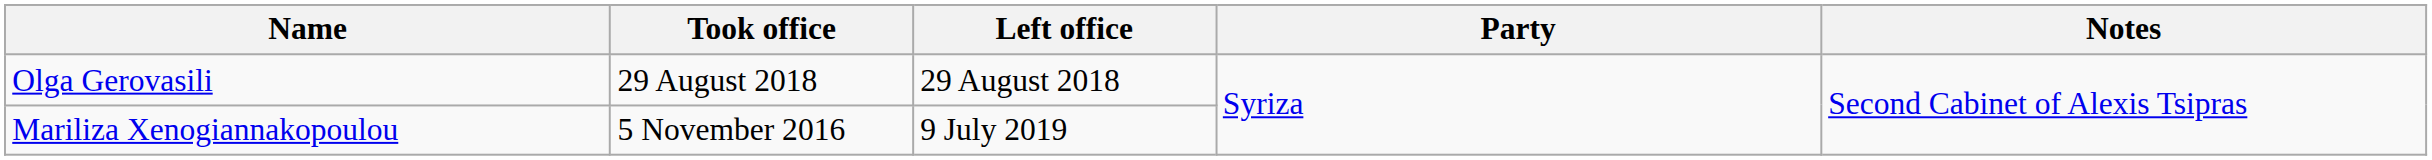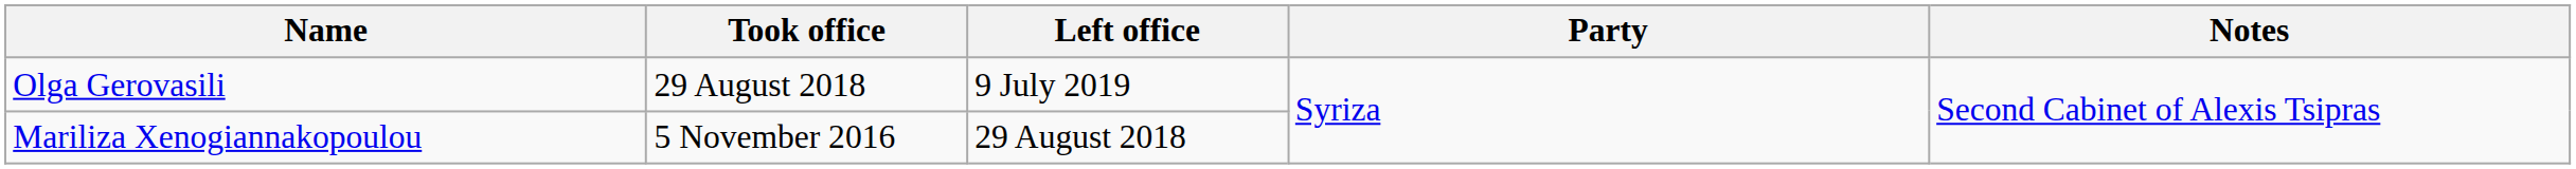 <table class="wikitable">
 <tr>
 <th width="20%">Name</th>
 <th width="10%">Took office</th>
 <th width="10%">Left office</th>
 <th width="20%">Party</th>
 <th width="20%">Notes</th>
 </tr>
 <tr>
 <td><a href='#'>Olga Gerovasili</a></td>
 <td>29 August 2018</td>
-<td>29 August 2018</td>
+<td>9 July 2019</td>
 <td rowspan=2><a href='#'>Syriza</a></td>
 <td rowspan=2><a href='#'>Second Cabinet of Alexis Tsipras</a></td>
 </tr>
 <tr>
 <td><a href='#'>Mariliza Xenogiannakopoulou</a></td>
 <td>5 November 2016</td>
-<td>9 July 2019</td>
+<td>29 August 2018</td>
 </tr>
 </table>
